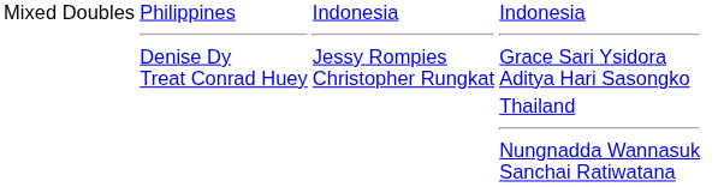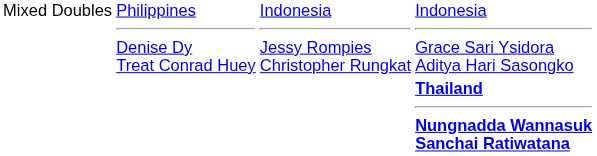 <table>
 <tr style="vertical-align:top">
 <td rowspan=2>Mixed Doubles</td>
 <td rowspan=2> <a href='#'>Philippines</a> <hr> <a href='#'>Denise Dy</a><br><a href='#'>Treat Conrad Huey</a></td>
 <td rowspan=2> <a href='#'>Indonesia</a> <hr> <a href='#'>Jessy Rompies</a><br><a href='#'>Christopher Rungkat</a></td>
 <td> <a href='#'>Indonesia</a> <hr> <a href='#'>Grace Sari Ysidora</a><br><a href='#'>Aditya Hari Sasongko</a></td>
 </tr>
 <tr>
-<td> <a href='#'>Thailand</a> <hr> <a href='#'>Nungnadda Wannasuk</a><br><a href='#'>Sanchai Ratiwatana</a></td>
+<td><strong> <a href='#'>Thailand</a> <hr> <a href='#'>Nungnadda Wannasuk</a><br><a href='#'>Sanchai Ratiwatana</a></strong></td>
 </tr>
 <tr>
 </tr>
 <tr>
 </tr>
 </table>
